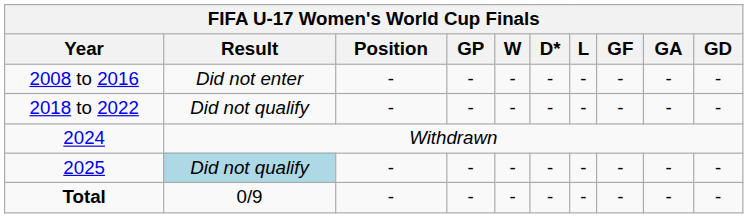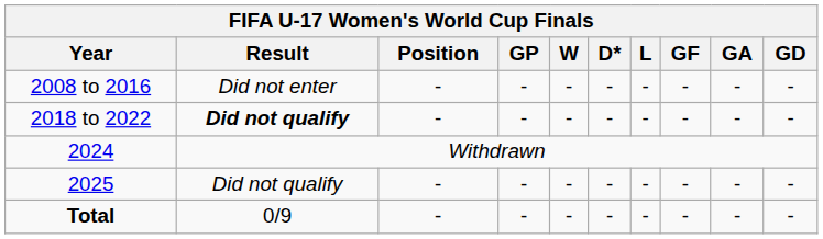 <table class="wikitable" style="text-align: center; width:50%;">
 <tr>
 <th colspan=10>FIFA U-17 Women's World Cup Finals</th>
 </tr>
 <tr>
 <th>Year</th>
 <th>Result</th>
 <th>Position</th>
 <th>GP</th>
 <th>W</th>
 <th>D*</th>
 <th>L</th>
 <th>GF</th>
 <th>GA</th>
 <th>GD</th>
 </tr>
 <tr>
 <td> <a href='#'>2008</a> to  <a href='#'>2016</a></td>
 <td><em>Did not enter</em></td>
 <td>-</td>
 <td>-</td>
 <td>-</td>
 <td>-</td>
 <td>-</td>
 <td>-</td>
 <td>-</td>
 <td>-</td>
 </tr>
 <tr>
 <td> <a href='#'>2018</a> to  <a href='#'>2022</a></td>
-<td><em>Did not qualify</em></td>
+<td><strong><em>Did not qualify</em></strong></td>
 <td>-</td>
 <td>-</td>
 <td>-</td>
 <td>-</td>
 <td>-</td>
 <td>-</td>
 <td>-</td>
 <td>-</td>
 </tr>
 <tr>
 <td> <a href='#'>2024</a></td>
 <td colspan=9><em>Withdrawn</em></td>
 </tr>
 <tr>
 <td> <a href='#'>2025</a></td>
-<td style="background: lightblue;"><em>Did not qualify</em></td>
+<td><em>Did not qualify</em></td>
 <td>-</td>
 <td>-</td>
 <td>-</td>
 <td>-</td>
 <td>-</td>
 <td>-</td>
 <td>-</td>
 <td>-</td>
 </tr>
 <tr>
 <td><strong>Total</strong></td>
 <td>0/9</td>
 <td>-</td>
 <td>-</td>
 <td>-</td>
 <td>-</td>
 <td>-</td>
 <td>-</td>
 <td>-</td>
 <td>-</td>
 </tr>
 </table>
